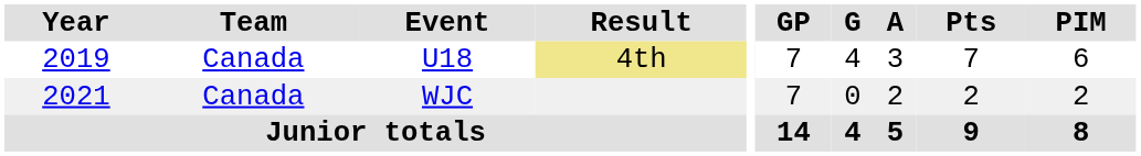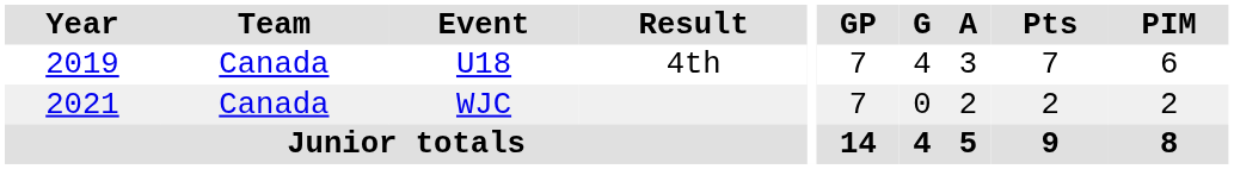 <table border="0" cellpadding="1" cellspacing="0" ID="Table3" style="text-align:center; width:40em;">
 <tr bgcolor="#e0e0e0">
 <th>Year</th>
 <th>Team</th>
 <th>Event</th>
 <th>Result</th>
 <th rowspan="99" bgcolor="#ffffff"></th>
 <th>GP</th>
 <th>G</th>
 <th>A</th>
 <th>Pts</th>
 <th>PIM</th>
 </tr>
 <tr>
 <td><a href='#'>2019</a></td>
 <td><a href='#'>Canada</a></td>
 <td><a href='#'>U18</a></td>
-<td style="background: khaki;">4th</td>
+<td>4th</td>
 <td>7</td>
 <td>4</td>
 <td>3</td>
 <td>7</td>
 <td>6</td>
 </tr>
 <tr bgcolor="#f0f0f0">
 <td><a href='#'>2021</a></td>
 <td><a href='#'>Canada</a></td>
 <td><a href='#'>WJC</a></td>
 <td></td>
 <td>7</td>
 <td>0</td>
 <td>2</td>
 <td>2</td>
 <td>2</td>
 </tr>
 <tr bgcolor="#e0e0e0">
 <th colspan="4">Junior totals</th>
 <th>14</th>
 <th>4</th>
 <th>5</th>
 <th>9</th>
 <th>8</th>
 </tr>
 </table>
